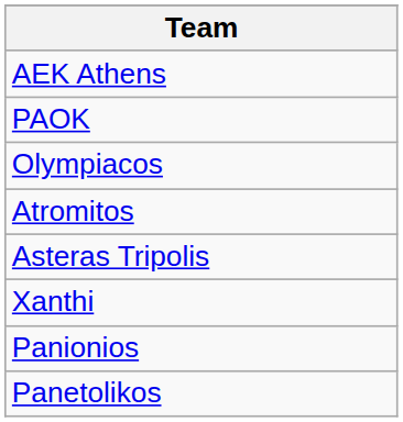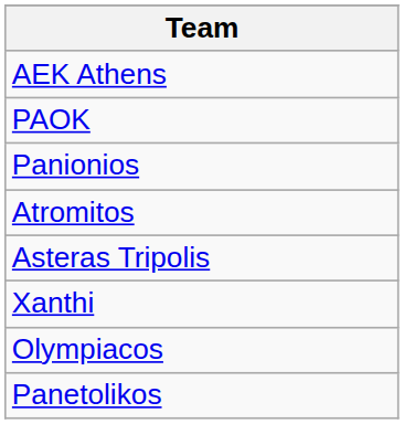 <table class="wikitable">
 <tr>
 </tr>
 <tr>
 <th width=210>Team</th>
 </tr>
 <tr>
 <td><a href='#'>AEK Athens</a></td>
 </tr>
 <tr>
 <td><a href='#'>PAOK</a></td>
 </tr>
 <tr>
-<td><a href='#'>Olympiacos</a></td>
+<td><a href='#'>Panionios</a></td>
 </tr>
 <tr>
 <td><a href='#'>Atromitos</a></td>
 </tr>
 <tr>
 <td><a href='#'>Asteras Tripolis</a></td>
 </tr>
 <tr>
 <td><a href='#'>Xanthi</a></td>
 </tr>
 <tr>
-<td><a href='#'>Panionios</a></td>
+<td><a href='#'>Olympiacos</a></td>
 </tr>
 <tr>
 <td><a href='#'>Panetolikos</a></td>
 </tr>
 </table>
